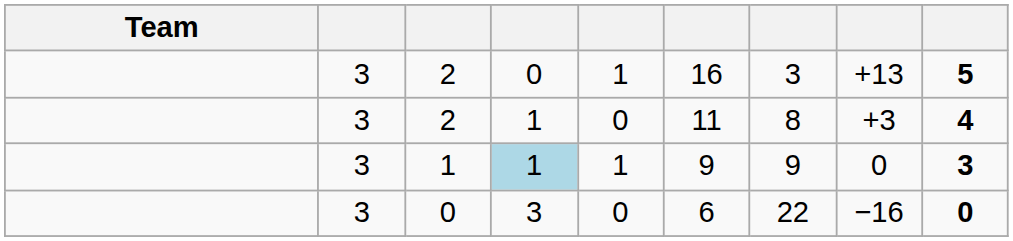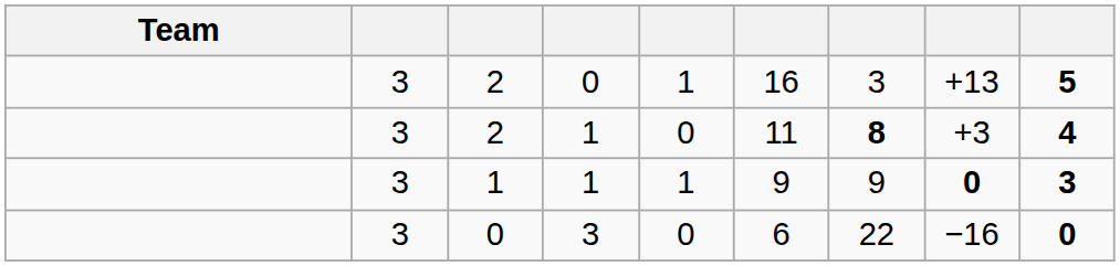 <table class="wikitable" style="text-align:center;">
 <tr>
 <th width=165>Team</th>
 <th width=40></th>
 <th width=40></th>
 <th width=40></th>
 <th width=40></th>
 <th width=40></th>
 <th width=40></th>
 <th width=40></th>
 <th width=40></th>
 </tr>
 <tr>
 <td style="text-align:left;"></td>
 <td>3</td>
 <td>2</td>
 <td>0</td>
 <td>1</td>
 <td>16</td>
 <td>3</td>
 <td>+13</td>
 <td><strong>5</strong></td>
 </tr>
 <tr>
 <td style="text-align:left;"></td>
 <td>3</td>
 <td>2</td>
 <td>1</td>
 <td>0</td>
 <td>11</td>
-<td>8</td>
+<td><strong>8</strong></td>
 <td>+3</td>
 <td><strong>4</strong></td>
 </tr>
 <tr>
 <td style="text-align:left;"></td>
 <td>3</td>
 <td>1</td>
-<td style="background: lightblue;">1</td>
+<td>1</td>
 <td>1</td>
 <td>9</td>
 <td>9</td>
-<td>0</td>
+<td><strong>0</strong></td>
 <td><strong>3</strong></td>
 </tr>
 <tr>
 <td style="text-align:left;"></td>
 <td>3</td>
 <td>0</td>
 <td>3</td>
 <td>0</td>
 <td>6</td>
 <td>22</td>
 <td>−16</td>
 <td><strong>0</strong></td>
 </tr>
 </table>
